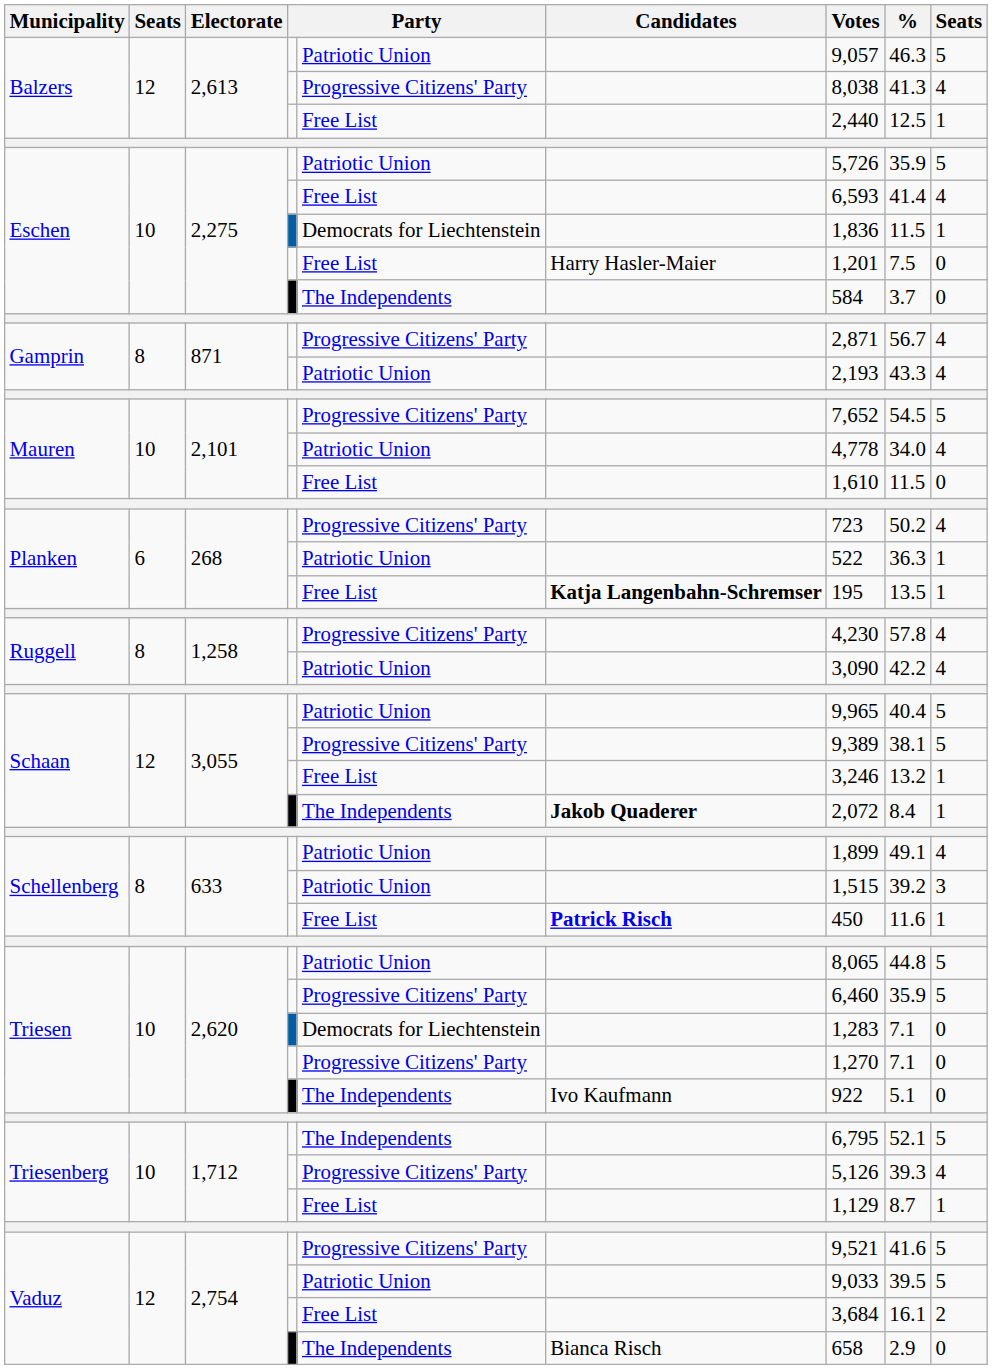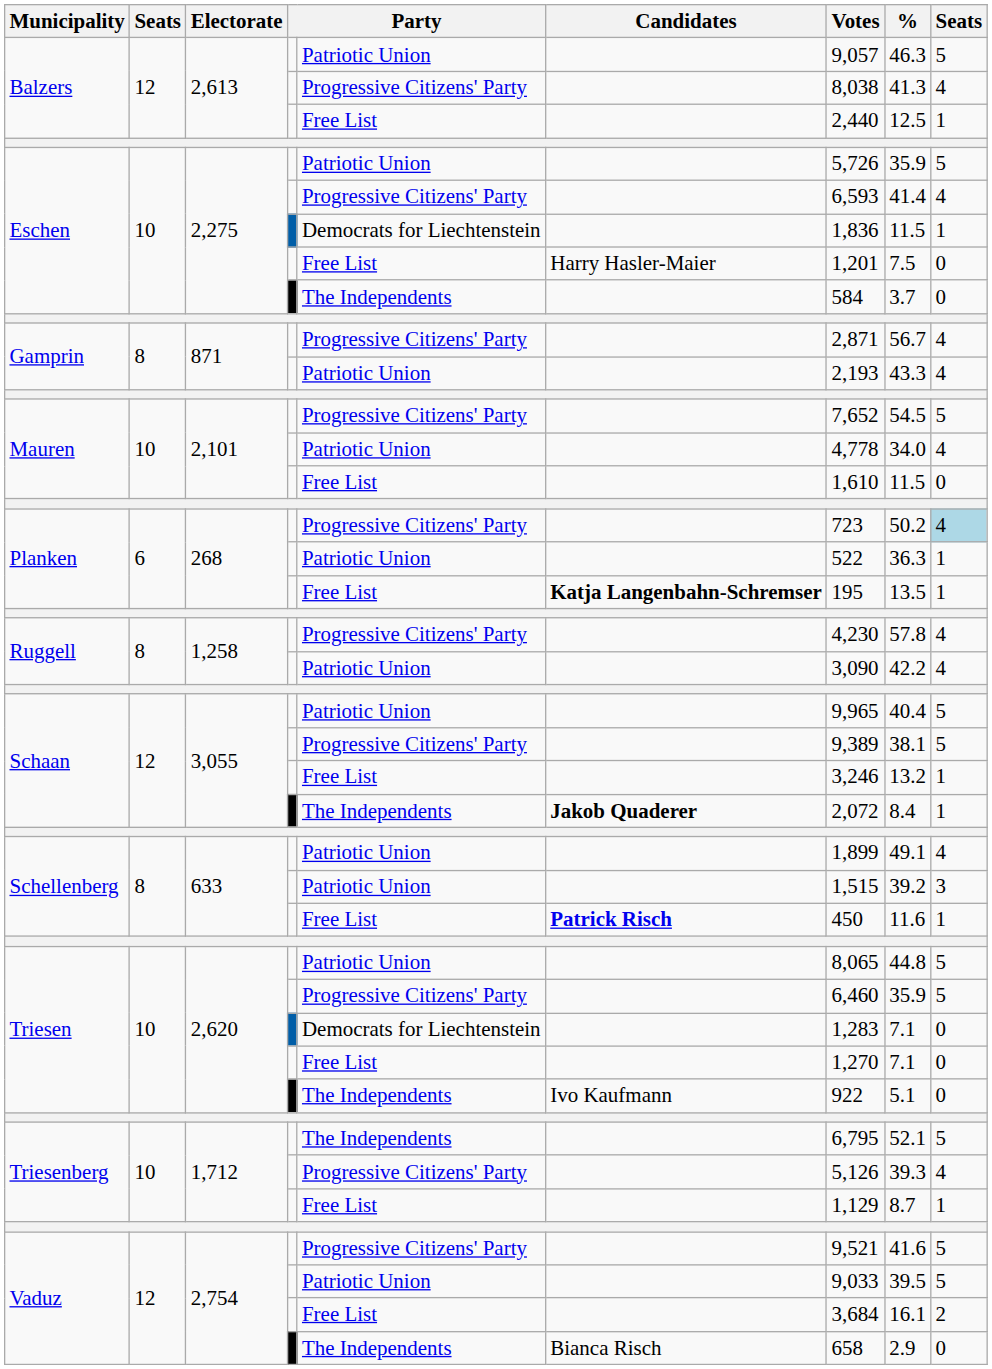 <table class="wikitable">
 <tr>
 <th>Municipality</th>
 <th>Seats</th>
 <th>Electorate</th>
 <th colspan="2">Party</th>
 <th>Candidates</th>
 <th>Votes</th>
 <th>%</th>
 <th>Seats</th>
 </tr>
 <tr>
 <td rowspan="3"><a href='#'>Balzers</a></td>
 <td rowspan="3">12</td>
 <td rowspan="3">2,613</td>
 <td style="color:inherit;background:"></td>
 <td><a href='#'>Patriotic Union</a></td>
 <td></td>
 <td>9,057</td>
 <td>46.3</td>
 <td>5</td>
 </tr>
 <tr>
 <td style="color:inherit;background:"></td>
 <td><a href='#'>Progressive Citizens' Party</a></td>
 <td></td>
 <td>8,038</td>
 <td>41.3</td>
 <td>4</td>
 </tr>
 <tr>
 <td style="color:inherit;background:"></td>
 <td><a href='#'>Free List</a></td>
 <td></td>
 <td>2,440</td>
 <td>12.5</td>
 <td>1</td>
 </tr>
 <tr>
 <th colspan="9"></th>
 </tr>
 <tr>
 <td rowspan="5"><a href='#'>Eschen</a></td>
 <td rowspan="5">10</td>
 <td rowspan="5">2,275</td>
 <td style="color:inherit;background:"></td>
 <td><a href='#'>Patriotic Union</a></td>
 <td></td>
 <td>5,726</td>
 <td>35.9</td>
 <td>5</td>
 </tr>
 <tr>
 <td style="color:inherit;background:"></td>
-<td><a href='#'>Free List</a></td>
+<td><a href='#'>Progressive Citizens' Party</a></td>
 <td></td>
 <td>6,593</td>
 <td>41.4</td>
 <td>4</td>
 </tr>
 <tr>
 <td style="color:inherit;background:#005EA8"></td>
 <td>Democrats for Liechtenstein</td>
 <td></td>
 <td>1,836</td>
 <td>11.5</td>
 <td>1</td>
 </tr>
 <tr>
 <td style="color:inherit;background:"></td>
 <td><a href='#'>Free List</a></td>
 <td>Harry Hasler-Maier</td>
 <td>1,201</td>
 <td>7.5</td>
 <td>0</td>
 </tr>
 <tr>
 <td bgcolor=black></td>
 <td><a href='#'>The Independents</a></td>
 <td></td>
 <td>584</td>
 <td>3.7</td>
 <td>0</td>
 </tr>
 <tr>
 <th colspan="9"></th>
 </tr>
 <tr>
 <td rowspan="2"><a href='#'>Gamprin</a></td>
 <td rowspan="2">8</td>
 <td rowspan="2">871</td>
 <td style="color:inherit;background:"></td>
 <td><a href='#'>Progressive Citizens' Party</a></td>
 <td></td>
 <td>2,871</td>
 <td>56.7</td>
 <td>4</td>
 </tr>
 <tr>
 <td style="color:inherit;background:"></td>
 <td><a href='#'>Patriotic Union</a></td>
 <td></td>
 <td>2,193</td>
 <td>43.3</td>
 <td>4</td>
 </tr>
 <tr>
 <th colspan="9"></th>
 </tr>
 <tr>
 <td rowspan="3"><a href='#'>Mauren</a></td>
 <td rowspan="3">10</td>
 <td rowspan="3">2,101</td>
 <td style="color:inherit;background:"></td>
 <td><a href='#'>Progressive Citizens' Party</a></td>
 <td></td>
 <td>7,652</td>
 <td>54.5</td>
 <td>5</td>
 </tr>
 <tr>
 <td style="color:inherit;background:"></td>
 <td><a href='#'>Patriotic Union</a></td>
 <td></td>
 <td>4,778</td>
 <td>34.0</td>
 <td>4</td>
 </tr>
 <tr>
 <td style="color:inherit;background:"></td>
 <td><a href='#'>Free List</a></td>
 <td></td>
 <td>1,610</td>
 <td>11.5</td>
 <td>0</td>
 </tr>
 <tr>
 <th colspan="9"></th>
 </tr>
 <tr>
 <td rowspan="3"><a href='#'>Planken</a></td>
 <td rowspan="3">6</td>
 <td rowspan="3">268</td>
 <td style="color:inherit;background:"></td>
 <td><a href='#'>Progressive Citizens' Party</a></td>
 <td></td>
 <td>723</td>
 <td>50.2</td>
-<td>4</td>
+<td style="background: lightblue;">4</td>
 </tr>
 <tr>
 <td style="color:inherit;background:"></td>
 <td><a href='#'>Patriotic Union</a></td>
 <td></td>
 <td>522</td>
 <td>36.3</td>
 <td>1</td>
 </tr>
 <tr>
 <td style="color:inherit;background:"></td>
 <td><a href='#'>Free List</a></td>
 <td><strong>Katja Langenbahn-Schremser</strong></td>
 <td>195</td>
 <td>13.5</td>
 <td>1</td>
 </tr>
 <tr>
 <th colspan="9"></th>
 </tr>
 <tr>
 <td rowspan="2"><a href='#'>Ruggell</a></td>
 <td rowspan="2">8</td>
 <td rowspan="2">1,258</td>
 <td style="color:inherit;background:"></td>
 <td><a href='#'>Progressive Citizens' Party</a></td>
 <td></td>
 <td>4,230</td>
 <td>57.8</td>
 <td>4</td>
 </tr>
 <tr>
 <td style="color:inherit;background:"></td>
 <td><a href='#'>Patriotic Union</a></td>
 <td></td>
 <td>3,090</td>
 <td>42.2</td>
 <td>4</td>
 </tr>
 <tr>
 <th colspan="9"></th>
 </tr>
 <tr>
 <td rowspan="4"><a href='#'>Schaan</a></td>
 <td rowspan="4">12</td>
 <td rowspan="4">3,055</td>
 <td style="color:inherit;background:"></td>
 <td><a href='#'>Patriotic Union</a></td>
 <td></td>
 <td>9,965</td>
 <td>40.4</td>
 <td>5</td>
 </tr>
 <tr>
 <td style="color:inherit;background:"></td>
 <td><a href='#'>Progressive Citizens' Party</a></td>
 <td></td>
 <td>9,389</td>
 <td>38.1</td>
 <td>5</td>
 </tr>
 <tr>
 <td style="color:inherit;background:"></td>
 <td><a href='#'>Free List</a></td>
 <td></td>
 <td>3,246</td>
 <td>13.2</td>
 <td>1</td>
 </tr>
 <tr>
 <td bgcolor=black></td>
 <td><a href='#'>The Independents</a></td>
 <td><strong>Jakob Quaderer</strong></td>
 <td>2,072</td>
 <td>8.4</td>
 <td>1</td>
 </tr>
 <tr>
 <th colspan="9"></th>
 </tr>
 <tr>
 <td rowspan="3"><a href='#'>Schellenberg</a></td>
 <td rowspan="3">8</td>
 <td rowspan="3">633</td>
 <td style="color:inherit;background:"></td>
 <td><a href='#'>Patriotic Union</a></td>
 <td></td>
 <td>1,899</td>
 <td>49.1</td>
 <td>4</td>
 </tr>
 <tr>
 <td style="color:inherit;background:"></td>
 <td><a href='#'>Patriotic Union</a></td>
 <td></td>
 <td>1,515</td>
 <td>39.2</td>
 <td>3</td>
 </tr>
 <tr>
 <td style="color:inherit;background:"></td>
 <td><a href='#'>Free List</a></td>
 <td><strong><a href='#'>Patrick Risch</a></strong></td>
 <td>450</td>
 <td>11.6</td>
 <td>1</td>
 </tr>
 <tr>
 <th colspan="9"></th>
 </tr>
 <tr>
 <td rowspan="5"><a href='#'>Triesen</a></td>
 <td rowspan="5">10</td>
 <td rowspan="5">2,620</td>
 <td style="color:inherit;background:"></td>
 <td><a href='#'>Patriotic Union</a></td>
 <td></td>
 <td>8,065</td>
 <td>44.8</td>
 <td>5</td>
 </tr>
 <tr>
 <td style="color:inherit;background:"></td>
 <td><a href='#'>Progressive Citizens' Party</a></td>
 <td></td>
 <td>6,460</td>
 <td>35.9</td>
 <td>5</td>
 </tr>
 <tr>
 <td style="color:inherit;background:#005EA8"></td>
 <td>Democrats for Liechtenstein</td>
 <td></td>
 <td>1,283</td>
 <td>7.1</td>
 <td>0</td>
 </tr>
 <tr>
 <td style="color:inherit;background:"></td>
-<td><a href='#'>Progressive Citizens' Party</a></td>
+<td><a href='#'>Free List</a></td>
 <td></td>
 <td>1,270</td>
 <td>7.1</td>
 <td>0</td>
 </tr>
 <tr>
 <td bgcolor=black></td>
 <td><a href='#'>The Independents</a></td>
 <td>Ivo Kaufmann</td>
 <td>922</td>
 <td>5.1</td>
 <td>0</td>
 </tr>
 <tr>
 <th colspan="9"></th>
 </tr>
 <tr>
 <td rowspan="3"><a href='#'>Triesenberg</a></td>
 <td rowspan="3">10</td>
 <td rowspan="3">1,712</td>
 <td style="color:inherit;background:"></td>
 <td><a href='#'>The Independents</a></td>
 <td></td>
 <td>6,795</td>
 <td>52.1</td>
 <td>5</td>
 </tr>
 <tr>
 <td style="color:inherit;background:"></td>
 <td><a href='#'>Progressive Citizens' Party</a></td>
 <td></td>
 <td>5,126</td>
 <td>39.3</td>
 <td>4</td>
 </tr>
 <tr>
 <td style="color:inherit;background:"></td>
 <td><a href='#'>Free List</a></td>
 <td></td>
 <td>1,129</td>
 <td>8.7</td>
 <td>1</td>
 </tr>
 <tr>
 <th colspan="9"></th>
 </tr>
 <tr>
 <td rowspan="4"><a href='#'>Vaduz</a></td>
 <td rowspan="4">12</td>
 <td rowspan="4">2,754</td>
 <td style="color:inherit;background:"></td>
 <td><a href='#'>Progressive Citizens' Party</a></td>
 <td></td>
 <td>9,521</td>
 <td>41.6</td>
 <td>5</td>
 </tr>
 <tr>
 <td style="color:inherit;background:"></td>
 <td><a href='#'>Patriotic Union</a></td>
 <td></td>
 <td>9,033</td>
 <td>39.5</td>
 <td>5</td>
 </tr>
 <tr>
 <td style="color:inherit;background:"></td>
 <td><a href='#'>Free List</a></td>
 <td></td>
 <td>3,684</td>
 <td>16.1</td>
 <td>2</td>
 </tr>
 <tr>
 <td bgcolor=black></td>
 <td><a href='#'>The Independents</a></td>
 <td>Bianca Risch</td>
 <td>658</td>
 <td>2.9</td>
 <td>0</td>
 </tr>
 </table>
